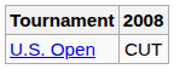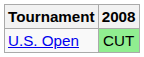 <table class="wikitable" style="font-size:95%;">
 <tr>
 <th>Tournament</th>
 <th>2008</th>
 </tr>
 <tr>
 <td><a href='#'>U.S. Open</a></td>
-<td align="center">CUT</td>
+<td align="center" style="background: lightgreen;">CUT</td>
 </tr>
 </table>
